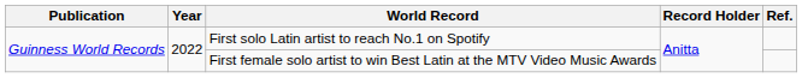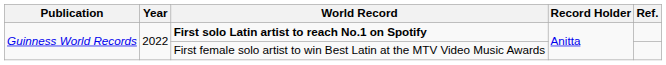 <table class="wikitable">
 <tr>
 <th>Publication</th>
 <th>Year</th>
 <th>World Record</th>
 <th>Record Holder</th>
 <th>Ref.</th>
 </tr>
 <tr>
 <td rowspan="2"><em><a href='#'>Guinness World Records</a></em></td>
 <td rowspan="2">2022</td>
-<td>First solo Latin artist to reach No.1 on Spotify</td>
+<td><strong>First solo Latin artist to reach No.1 on Spotify</strong></td>
 <td rowspan="2"><a href='#'>Anitta</a></td>
 <td></td>
 </tr>
 <tr>
 <td>First female solo artist to win Best Latin at the MTV Video Music Awards</td>
 <td></td>
 </tr>
 </table>
